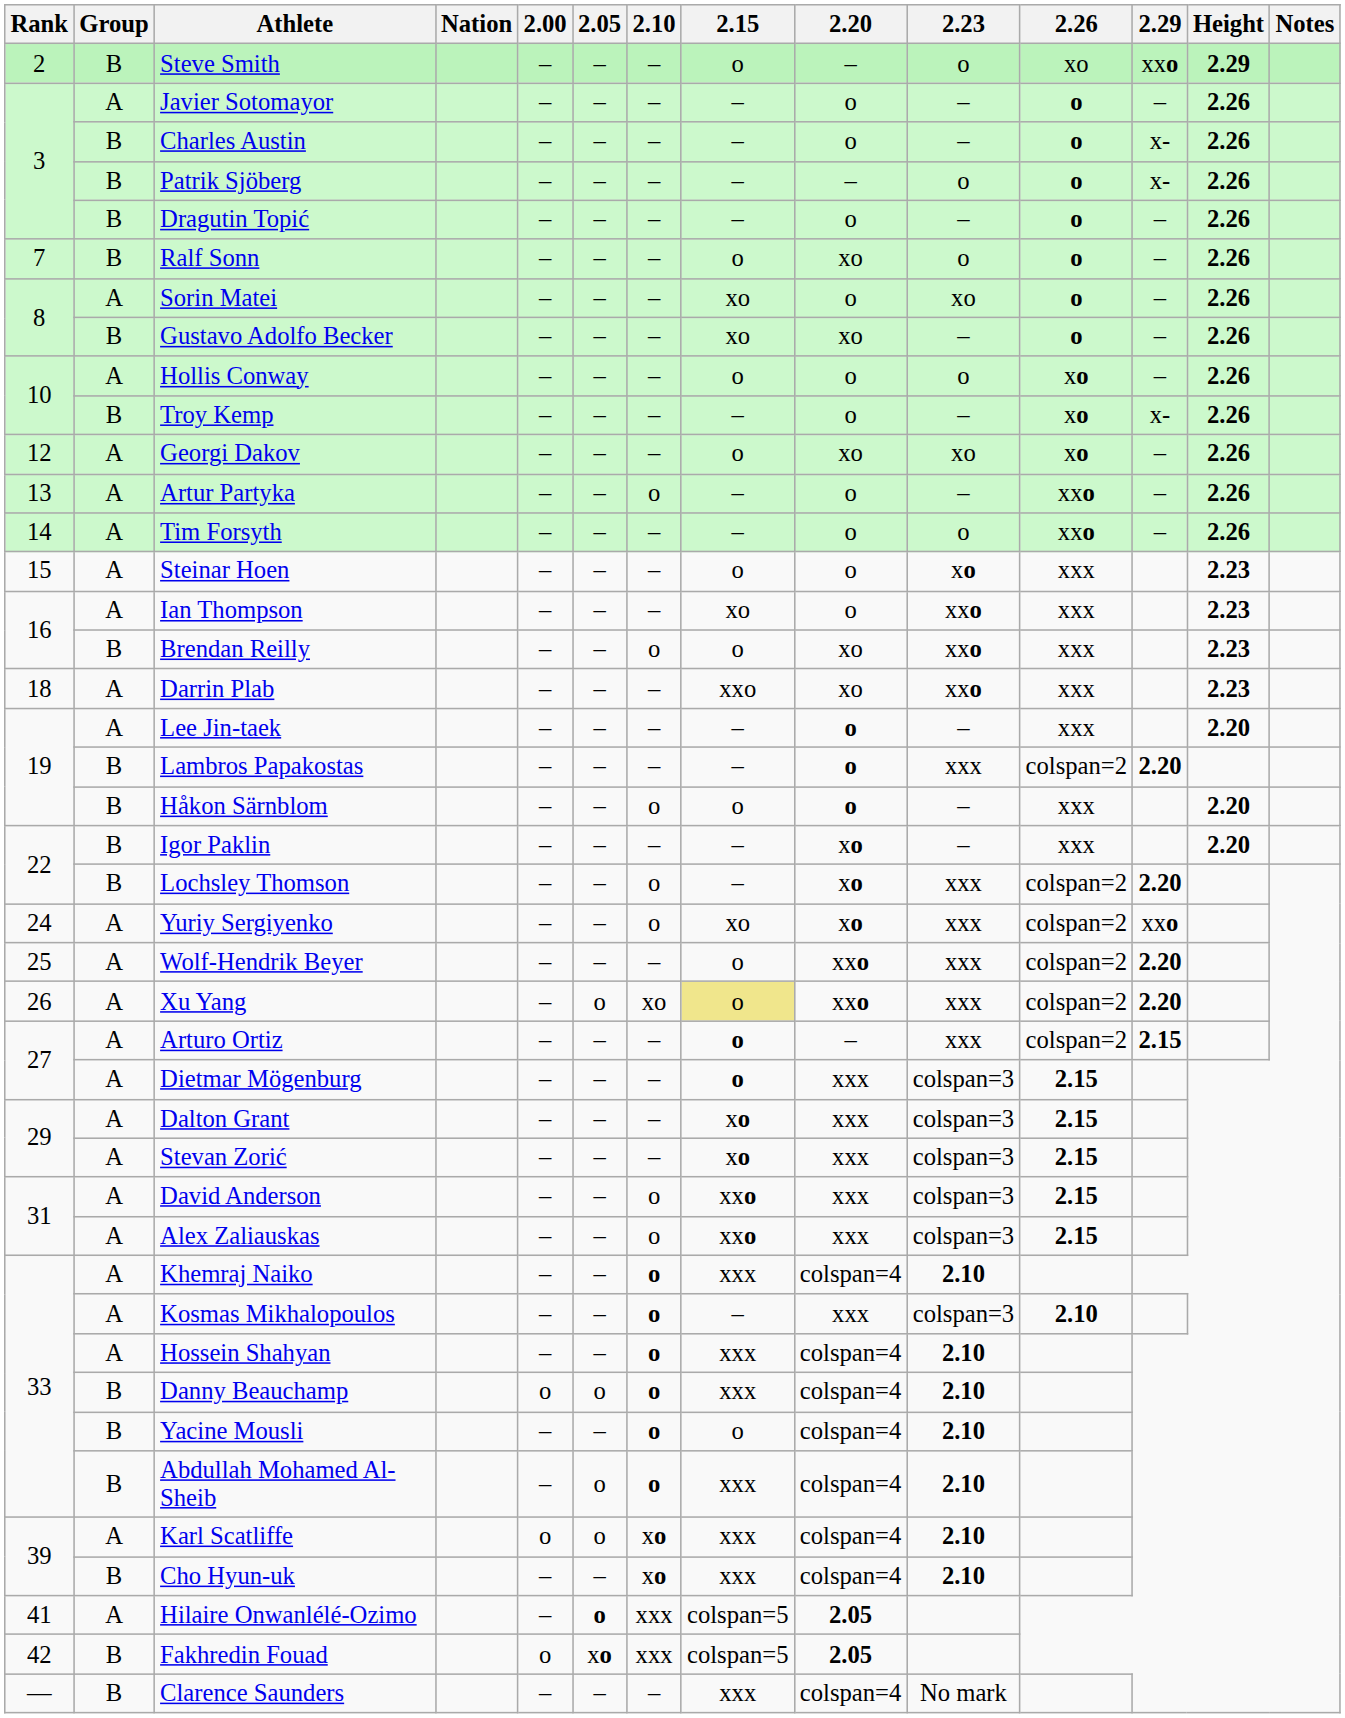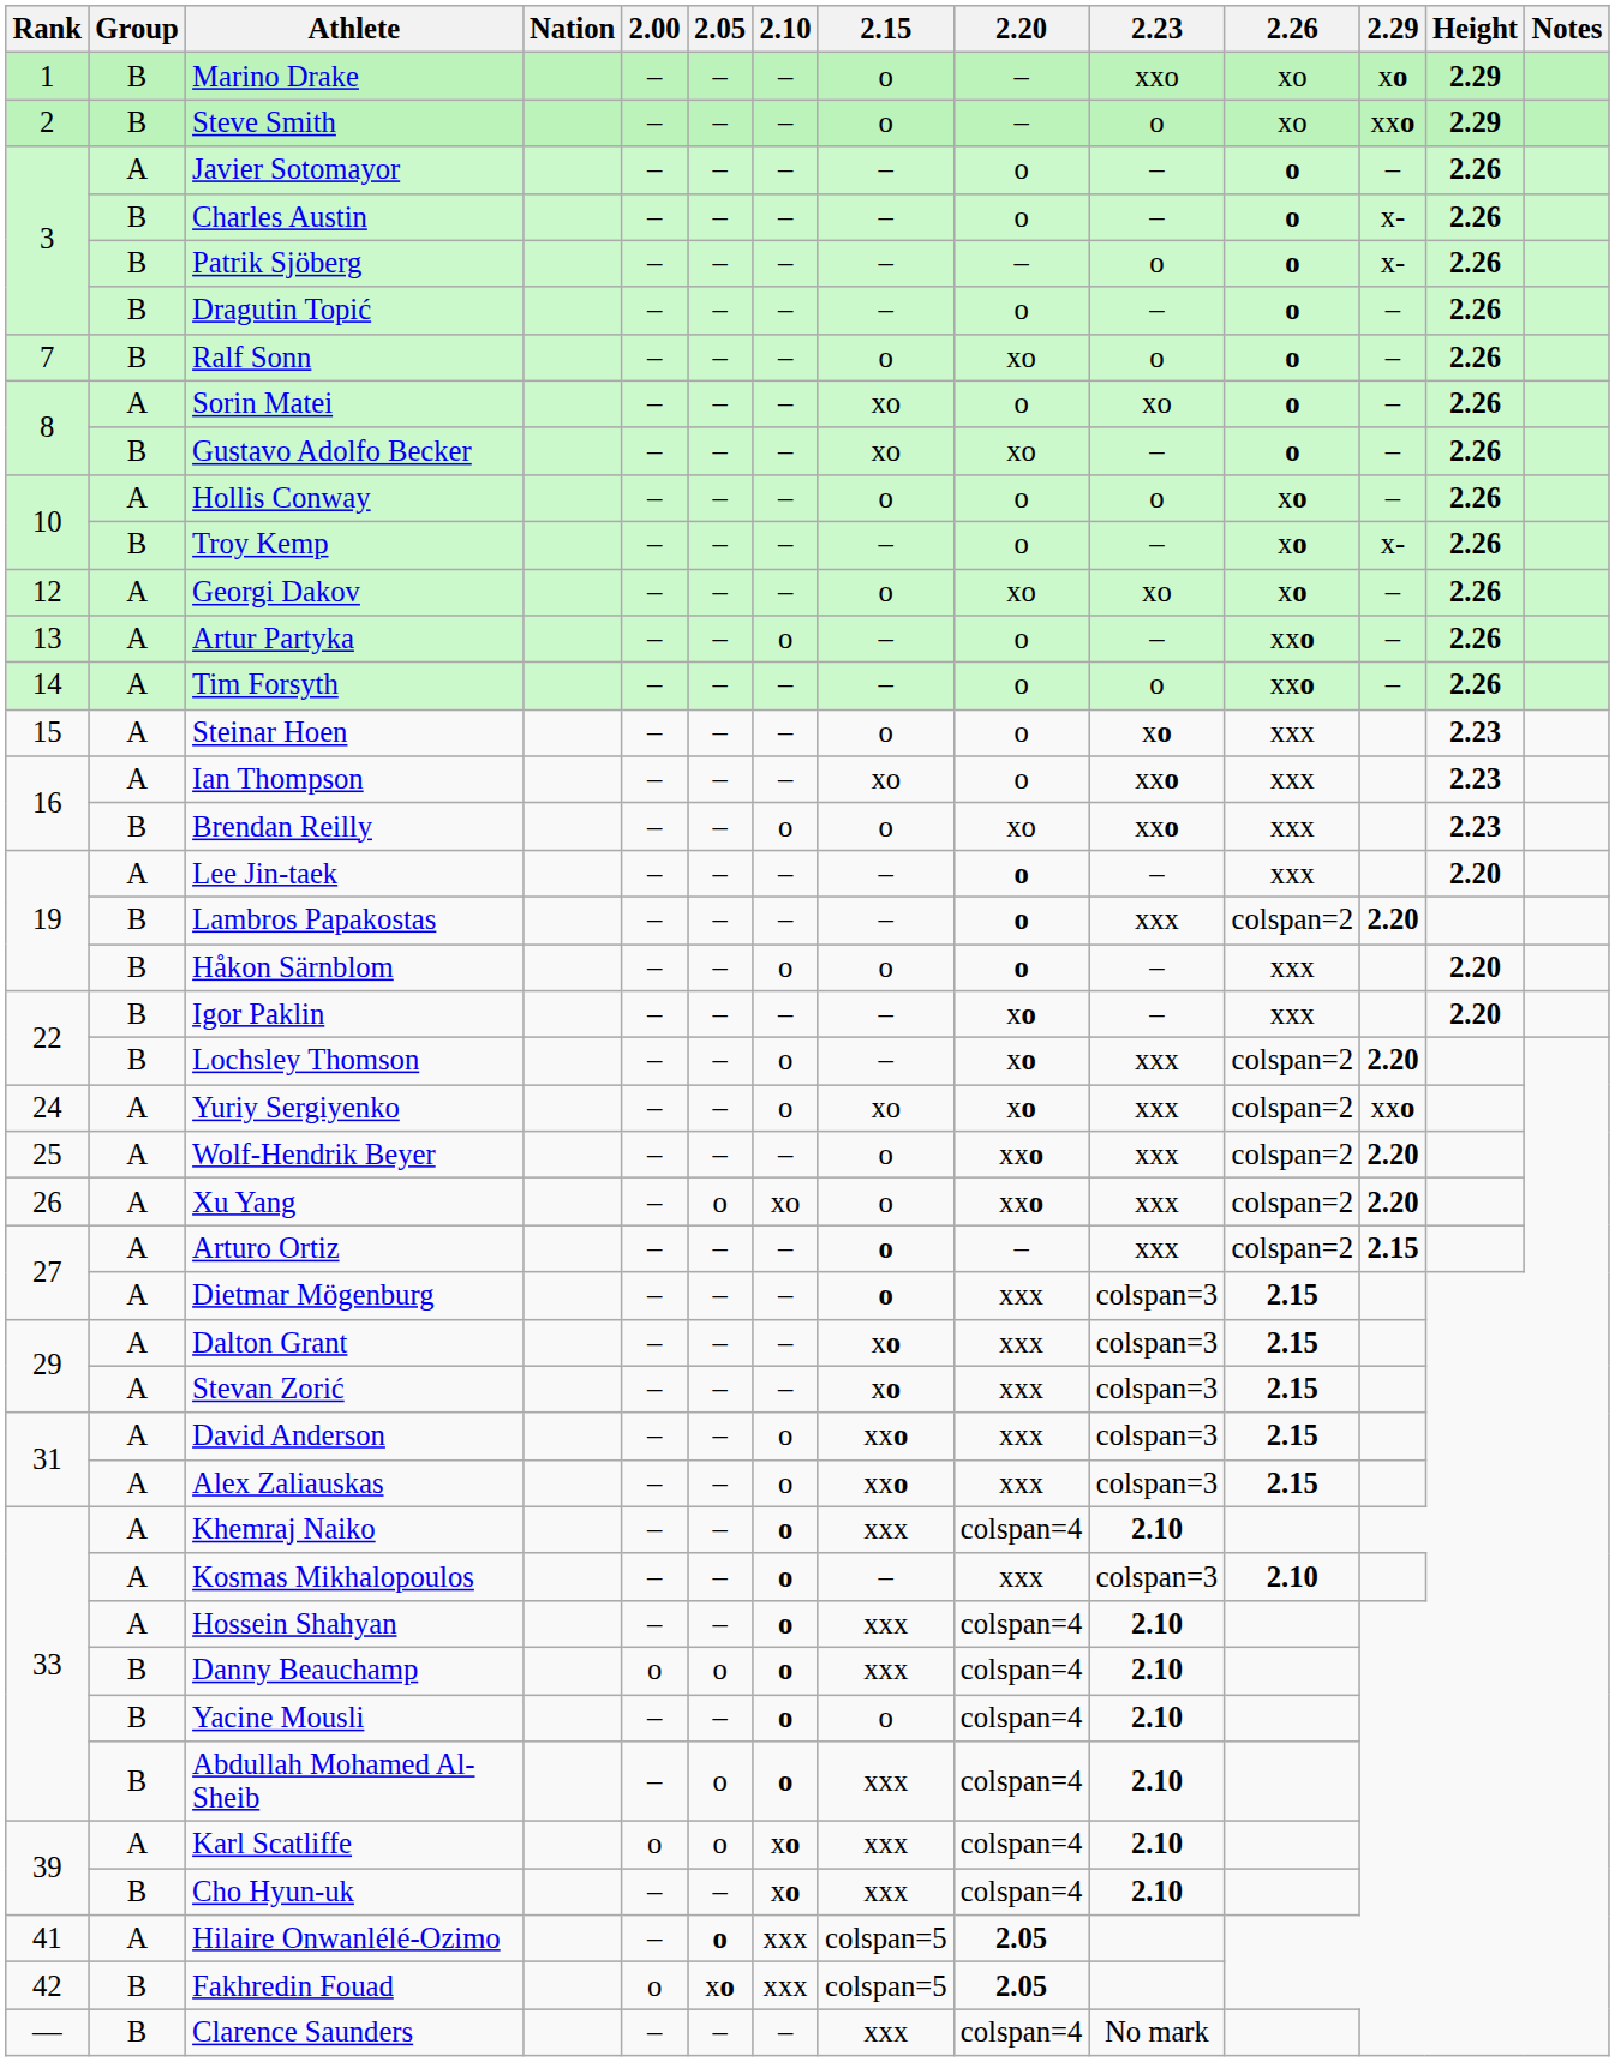 <table class="wikitable sortable" style="text-align:center">
 <tr>
 <th>Rank</th>
 <th>Group</th>
 <th>Athlete</th>
 <th>Nation</th>
 <th>2.00</th>
 <th>2.05</th>
 <th>2.10</th>
 <th>2.15</th>
 <th>2.20</th>
 <th>2.23</th>
 <th>2.26</th>
 <th>2.29</th>
 <th>Height</th>
 <th>Notes</th>
+</tr>
+<tr bgcolor=bbf3bb>
+<td>1</td>
+<td>B</td>
+<td align=left><a href='#'>Marino Drake</a></td>
+<td align=left></td>
+<td>–</td>
+<td>–</td>
+<td>–</td>
+<td>o</td>
+<td>–</td>
+<td>xxo</td>
+<td>xo</td>
+<td>x<strong>o</strong></td>
+<td><strong>2.29</strong></td>
+<td></td>
 </tr>
 <tr bgcolor=bbf3bb>
 <td>2</td>
 <td>B</td>
 <td align=left><a href='#'>Steve Smith</a></td>
 <td align=left></td>
 <td>–</td>
 <td>–</td>
 <td>–</td>
 <td>o</td>
 <td>–</td>
 <td>o</td>
 <td>xo</td>
 <td>xx<strong>o</strong></td>
 <td><strong>2.29</strong></td>
 <td></td>
 </tr>
 <tr bgcolor=ccf9cc>
 <td rowspan=4>3</td>
 <td>A</td>
 <td align=left><a href='#'>Javier Sotomayor</a></td>
 <td align=left></td>
 <td>–</td>
 <td>–</td>
 <td>–</td>
 <td>–</td>
 <td>o</td>
 <td>–</td>
 <td><strong>o</strong></td>
 <td>–</td>
 <td><strong>2.26</strong></td>
 <td></td>
 </tr>
 <tr bgcolor=ccf9cc>
 <td>B</td>
 <td align=left><a href='#'>Charles Austin</a></td>
 <td align=left></td>
 <td>–</td>
 <td>–</td>
 <td>–</td>
 <td>–</td>
 <td>o</td>
 <td>–</td>
 <td><strong>o</strong></td>
 <td>x-</td>
 <td><strong>2.26</strong></td>
 <td></td>
 </tr>
 <tr bgcolor=ccf9cc>
 <td>B</td>
 <td align=left><a href='#'>Patrik Sjöberg</a></td>
 <td align=left></td>
 <td>–</td>
 <td>–</td>
 <td>–</td>
 <td>–</td>
 <td>–</td>
 <td>o</td>
 <td><strong>o</strong></td>
 <td>x-</td>
 <td><strong>2.26</strong></td>
 <td></td>
 </tr>
 <tr bgcolor=ccf9cc>
 <td>B</td>
 <td align=left><a href='#'>Dragutin Topić</a></td>
 <td align=left></td>
 <td>–</td>
 <td>–</td>
 <td>–</td>
 <td>–</td>
 <td>o</td>
 <td>–</td>
 <td><strong>o</strong></td>
 <td>–</td>
 <td><strong>2.26</strong></td>
 <td></td>
 </tr>
 <tr bgcolor=ccf9cc>
 <td>7</td>
 <td>B</td>
 <td align=left><a href='#'>Ralf Sonn</a></td>
 <td align=left></td>
 <td>–</td>
 <td>–</td>
 <td>–</td>
 <td>o</td>
 <td>xo</td>
 <td>o</td>
 <td><strong>o</strong></td>
 <td>–</td>
 <td><strong>2.26</strong></td>
 <td></td>
 </tr>
 <tr bgcolor=ccf9cc>
 <td rowspan=2>8</td>
 <td>A</td>
 <td align=left><a href='#'>Sorin Matei</a></td>
 <td align=left></td>
 <td>–</td>
 <td>–</td>
 <td>–</td>
 <td>xo</td>
 <td>o</td>
 <td>xo</td>
 <td><strong>o</strong></td>
 <td>–</td>
 <td><strong>2.26</strong></td>
 <td></td>
 </tr>
 <tr bgcolor=ccf9cc>
 <td>B</td>
 <td align=left><a href='#'>Gustavo Adolfo Becker</a></td>
 <td align=left></td>
 <td>–</td>
 <td>–</td>
 <td>–</td>
 <td>xo</td>
 <td>xo</td>
 <td>–</td>
 <td><strong>o</strong></td>
 <td>–</td>
 <td><strong>2.26</strong></td>
 <td></td>
 </tr>
 <tr bgcolor=ccf9cc>
 <td rowspan=2>10</td>
 <td>A</td>
 <td align=left><a href='#'>Hollis Conway</a></td>
 <td align=left></td>
 <td>–</td>
 <td>–</td>
 <td>–</td>
 <td>o</td>
 <td>o</td>
 <td>o</td>
 <td>x<strong>o</strong></td>
 <td>–</td>
 <td><strong>2.26</strong></td>
 <td></td>
 </tr>
 <tr bgcolor=ccf9cc>
 <td>B</td>
 <td align=left><a href='#'>Troy Kemp</a></td>
 <td align=left></td>
 <td>–</td>
 <td>–</td>
 <td>–</td>
 <td>–</td>
 <td>o</td>
 <td>–</td>
 <td>x<strong>o</strong></td>
 <td>x-</td>
 <td><strong>2.26</strong></td>
 <td></td>
 </tr>
 <tr bgcolor=ccf9cc>
 <td>12</td>
 <td>A</td>
 <td align=left><a href='#'>Georgi Dakov</a></td>
 <td align=left></td>
 <td>–</td>
 <td>–</td>
 <td>–</td>
 <td>o</td>
 <td>xo</td>
 <td>xo</td>
 <td>x<strong>o</strong></td>
 <td>–</td>
 <td><strong>2.26</strong></td>
 <td></td>
 </tr>
 <tr bgcolor=ccf9cc>
 <td>13</td>
 <td>A</td>
 <td align=left><a href='#'>Artur Partyka</a></td>
 <td align=left></td>
 <td>–</td>
 <td>–</td>
 <td>o</td>
 <td>–</td>
 <td>o</td>
 <td>–</td>
 <td>xx<strong>o</strong></td>
 <td>–</td>
 <td><strong>2.26</strong></td>
 <td></td>
 </tr>
 <tr bgcolor=ccf9cc>
 <td>14</td>
 <td>A</td>
 <td align=left><a href='#'>Tim Forsyth</a></td>
 <td align=left></td>
 <td>–</td>
 <td>–</td>
 <td>–</td>
 <td>–</td>
 <td>o</td>
 <td>o</td>
 <td>xx<strong>o</strong></td>
 <td>–</td>
 <td><strong>2.26</strong></td>
 <td></td>
 </tr>
 <tr>
 <td>15</td>
 <td>A</td>
 <td align=left><a href='#'>Steinar Hoen</a></td>
 <td align=left></td>
 <td>–</td>
 <td>–</td>
 <td>–</td>
 <td>o</td>
 <td>o</td>
 <td>x<strong>o</strong></td>
 <td>xxx</td>
 <td></td>
 <td><strong>2.23</strong></td>
 <td></td>
 </tr>
 <tr>
 <td rowspan=2>16</td>
 <td>A</td>
 <td align=left><a href='#'>Ian Thompson</a></td>
 <td align=left></td>
 <td>–</td>
 <td>–</td>
 <td>–</td>
 <td>xo</td>
 <td>o</td>
 <td>xx<strong>o</strong></td>
 <td>xxx</td>
 <td></td>
 <td><strong>2.23</strong></td>
 <td></td>
 </tr>
 <tr>
 <td>B</td>
 <td align=left><a href='#'>Brendan Reilly</a></td>
 <td align=left></td>
 <td>–</td>
 <td>–</td>
 <td>o</td>
 <td>o</td>
 <td>xo</td>
 <td>xx<strong>o</strong></td>
 <td>xxx</td>
 <td></td>
 <td><strong>2.23</strong></td>
 <td></td>
 </tr>
 <tr>
-<td>18</td>
-<td>A</td>
-<td align=left><a href='#'>Darrin Plab</a></td>
-<td align=left></td>
-<td>–</td>
-<td>–</td>
-<td>–</td>
-<td>xxo</td>
-<td>xo</td>
-<td>xx<strong>o</strong></td>
-<td>xxx</td>
-<td></td>
-<td><strong>2.23</strong></td>
-<td></td>
-</tr>
-<tr>
 <td rowspan=3>19</td>
 <td>A</td>
 <td align=left><a href='#'>Lee Jin-taek</a></td>
 <td align=left></td>
 <td>–</td>
 <td>–</td>
 <td>–</td>
 <td>–</td>
 <td><strong>o</strong></td>
 <td>–</td>
 <td>xxx</td>
 <td></td>
 <td><strong>2.20</strong></td>
 <td></td>
 </tr>
 <tr>
 <td>B</td>
 <td align=left><a href='#'>Lambros Papakostas</a></td>
 <td align=left></td>
 <td>–</td>
 <td>–</td>
 <td>–</td>
 <td>–</td>
 <td><strong>o</strong></td>
 <td>xxx</td>
 <td>colspan=2 </td>
 <td><strong>2.20</strong></td>
 <td></td>
 </tr>
 <tr>
 <td>B</td>
 <td align=left><a href='#'>Håkon Särnblom</a></td>
 <td align=left></td>
 <td>–</td>
 <td>–</td>
 <td>o</td>
 <td>o</td>
 <td><strong>o</strong></td>
 <td>–</td>
 <td>xxx</td>
 <td></td>
 <td><strong>2.20</strong></td>
 <td></td>
 </tr>
 <tr>
 <td rowspan=2>22</td>
 <td>B</td>
 <td align=left><a href='#'>Igor Paklin</a></td>
 <td align=left></td>
 <td>–</td>
 <td>–</td>
 <td>–</td>
 <td>–</td>
 <td>x<strong>o</strong></td>
 <td>–</td>
 <td>xxx</td>
 <td></td>
 <td><strong>2.20</strong></td>
 <td></td>
 </tr>
 <tr>
 <td>B</td>
 <td align=left><a href='#'>Lochsley Thomson</a></td>
 <td align=left></td>
 <td>–</td>
 <td>–</td>
 <td>o</td>
 <td>–</td>
 <td>x<strong>o</strong></td>
 <td>xxx</td>
 <td>colspan=2 </td>
 <td><strong>2.20</strong></td>
 <td></td>
 </tr>
 <tr>
 <td>24</td>
 <td>A</td>
 <td align=left><a href='#'>Yuriy Sergiyenko</a></td>
 <td align=left></td>
 <td>–</td>
 <td>–</td>
 <td>o</td>
 <td>xo</td>
 <td>x<strong>o</strong></td>
 <td>xxx</td>
 <td>colspan=2 </td>
 <td>xx<strong>o</strong></td>
 <td></td>
 </tr>
 <tr>
 <td>25</td>
 <td>A</td>
 <td align=left><a href='#'>Wolf-Hendrik Beyer</a></td>
 <td align=left></td>
 <td>–</td>
 <td>–</td>
 <td>–</td>
 <td>o</td>
 <td>xx<strong>o</strong></td>
 <td>xxx</td>
 <td>colspan=2 </td>
 <td><strong>2.20</strong></td>
 <td></td>
 </tr>
 <tr>
 <td>26</td>
 <td>A</td>
 <td align=left><a href='#'>Xu Yang</a></td>
 <td align=left></td>
 <td>–</td>
 <td>o</td>
 <td>xo</td>
-<td style="background: khaki;">o</td>
+<td>o</td>
 <td>xx<strong>o</strong></td>
 <td>xxx</td>
 <td>colspan=2 </td>
 <td><strong>2.20</strong></td>
 <td></td>
 </tr>
 <tr>
 <td rowspan=2>27</td>
 <td>A</td>
 <td align=left><a href='#'>Arturo Ortiz</a></td>
 <td align=left></td>
 <td>–</td>
 <td>–</td>
 <td>–</td>
 <td><strong>o</strong></td>
 <td>–</td>
 <td>xxx</td>
 <td>colspan=2 </td>
 <td><strong>2.15</strong></td>
 <td></td>
 </tr>
 <tr>
 <td>A</td>
 <td align=left><a href='#'>Dietmar Mögenburg</a></td>
 <td align=left></td>
 <td>–</td>
 <td>–</td>
 <td>–</td>
 <td><strong>o</strong></td>
 <td>xxx</td>
 <td>colspan=3 </td>
 <td><strong>2.15</strong></td>
 <td></td>
 </tr>
 <tr>
 <td rowspan=2>29</td>
 <td>A</td>
 <td align=left><a href='#'>Dalton Grant</a></td>
 <td align=left></td>
 <td>–</td>
 <td>–</td>
 <td>–</td>
 <td>x<strong>o</strong></td>
 <td>xxx</td>
 <td>colspan=3 </td>
 <td><strong>2.15</strong></td>
 <td></td>
 </tr>
 <tr>
 <td>A</td>
 <td align=left><a href='#'>Stevan Zorić</a></td>
 <td align=left></td>
 <td>–</td>
 <td>–</td>
 <td>–</td>
 <td>x<strong>o</strong></td>
 <td>xxx</td>
 <td>colspan=3 </td>
 <td><strong>2.15</strong></td>
 <td></td>
 </tr>
 <tr>
 <td rowspan=2>31</td>
 <td>A</td>
 <td align=left><a href='#'>David Anderson</a></td>
 <td align=left></td>
 <td>–</td>
 <td>–</td>
 <td>o</td>
 <td>xx<strong>o</strong></td>
 <td>xxx</td>
 <td>colspan=3 </td>
 <td><strong>2.15</strong></td>
 <td></td>
 </tr>
 <tr>
 <td>A</td>
 <td align=left><a href='#'>Alex Zaliauskas</a></td>
 <td align=left></td>
 <td>–</td>
 <td>–</td>
 <td>o</td>
 <td>xx<strong>o</strong></td>
 <td>xxx</td>
 <td>colspan=3 </td>
 <td><strong>2.15</strong></td>
 <td></td>
 </tr>
 <tr>
 <td rowspan=6>33</td>
 <td>A</td>
 <td align=left><a href='#'>Khemraj Naiko</a></td>
 <td align=left></td>
 <td>–</td>
 <td>–</td>
 <td><strong>o</strong></td>
 <td>xxx</td>
 <td>colspan=4 </td>
 <td><strong>2.10</strong></td>
 <td></td>
 </tr>
 <tr>
 <td>A</td>
 <td align=left><a href='#'>Kosmas Mikhalopoulos</a></td>
 <td align=left></td>
 <td>–</td>
 <td>–</td>
 <td><strong>o</strong></td>
 <td>–</td>
 <td>xxx</td>
 <td>colspan=3 </td>
 <td><strong>2.10</strong></td>
 <td></td>
 </tr>
 <tr>
 <td>A</td>
 <td align=left><a href='#'>Hossein Shahyan</a></td>
 <td align=left></td>
 <td>–</td>
 <td>–</td>
 <td><strong>o</strong></td>
 <td>xxx</td>
 <td>colspan=4 </td>
 <td><strong>2.10</strong></td>
 <td></td>
 </tr>
 <tr>
 <td>B</td>
 <td align=left><a href='#'>Danny Beauchamp</a></td>
 <td align=left></td>
 <td>o</td>
 <td>o</td>
 <td><strong>o</strong></td>
 <td>xxx</td>
 <td>colspan=4 </td>
 <td><strong>2.10</strong></td>
 <td></td>
 </tr>
 <tr>
 <td>B</td>
 <td align=left><a href='#'>Yacine Mousli</a></td>
 <td align=left></td>
 <td>–</td>
 <td>–</td>
 <td><strong>o</strong></td>
 <td>o</td>
 <td>colspan=4 </td>
 <td><strong>2.10</strong></td>
 <td></td>
 </tr>
 <tr>
 <td>B</td>
 <td align=left><a href='#'>Abdullah Mohamed Al-Sheib</a></td>
 <td align=left></td>
 <td>–</td>
 <td>o</td>
 <td><strong>o</strong></td>
 <td>xxx</td>
 <td>colspan=4 </td>
 <td><strong>2.10</strong></td>
 <td></td>
 </tr>
 <tr>
 <td rowspan=2>39</td>
 <td>A</td>
 <td align=left><a href='#'>Karl Scatliffe</a></td>
 <td align=left></td>
 <td>o</td>
 <td>o</td>
 <td>x<strong>o</strong></td>
 <td>xxx</td>
 <td>colspan=4 </td>
 <td><strong>2.10</strong></td>
 <td></td>
 </tr>
 <tr>
 <td>B</td>
 <td align=left><a href='#'>Cho Hyun-uk</a></td>
 <td align=left></td>
 <td>–</td>
 <td>–</td>
 <td>x<strong>o</strong></td>
 <td>xxx</td>
 <td>colspan=4 </td>
 <td><strong>2.10</strong></td>
 <td></td>
 </tr>
 <tr>
 <td>41</td>
 <td>A</td>
 <td align=left><a href='#'>Hilaire Onwanlélé-Ozimo</a></td>
 <td align=left></td>
 <td>–</td>
 <td><strong>o</strong></td>
 <td>xxx</td>
 <td>colspan=5 </td>
 <td><strong>2.05</strong></td>
 <td></td>
 </tr>
 <tr>
 <td>42</td>
 <td>B</td>
 <td align=left><a href='#'>Fakhredin Fouad</a></td>
 <td align=left></td>
 <td>o</td>
 <td>x<strong>o</strong></td>
 <td>xxx</td>
 <td>colspan=5 </td>
 <td><strong>2.05</strong></td>
 <td></td>
 </tr>
 <tr>
 <td data-sort-value=43>—</td>
 <td>B</td>
 <td align=left><a href='#'>Clarence Saunders</a></td>
 <td align=left></td>
 <td>–</td>
 <td>–</td>
 <td>–</td>
 <td>xxx</td>
 <td>colspan=4 </td>
 <td data-sort-value=1.00>No mark</td>
 <td></td>
 </tr>
 </table>
